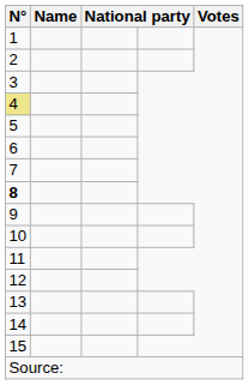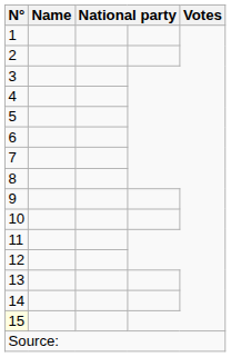 <table class="wikitable sortable" style="font-size:95%;line-height:14px;">
 <tr>
 <th>N°</th>
 <th>Name</th>
 <th colspan="2">National party</th>
 <th>Votes</th>
 </tr>
 <tr>
 <td>1</td>
 <td></td>
 <td></td>
 <td></td>
 </tr>
 <tr>
 <td>2</td>
 <td></td>
 <td></td>
 <td></td>
 </tr>
 <tr>
 <td>3</td>
 <td></td>
 <td></td>
 </tr>
 <tr>
-<td style="background: khaki;">4</td>
+<td>4</td>
 <td></td>
 <td></td>
 </tr>
 <tr>
 <td>5</td>
 <td></td>
 <td></td>
 </tr>
 <tr>
 <td>6</td>
 <td></td>
 <td></td>
 </tr>
 <tr>
 <td>7</td>
 <td></td>
 <td></td>
 </tr>
 <tr>
-<td><strong>8</strong></td>
+<td>8</td>
 <td></td>
 <td></td>
 </tr>
 <tr>
 <td>9</td>
 <td></td>
 <td></td>
 <td></td>
 </tr>
 <tr>
 <td>10</td>
 <td></td>
 <td></td>
 <td></td>
 </tr>
 <tr>
 <td>11</td>
 <td></td>
 <td></td>
 </tr>
 <tr>
 <td>12</td>
 <td></td>
 <td></td>
 </tr>
 <tr>
 <td>13</td>
 <td></td>
 <td></td>
 <td></td>
 </tr>
 <tr>
 <td>14</td>
 <td></td>
 <td></td>
 <td></td>
 </tr>
 <tr>
-<td>15</td>
+<td style="background: lightyellow;">15</td>
 <td></td>
 <td></td>
 </tr>
 <tr>
 <td colspan="5">Source: </td>
 </tr>
 </table>
